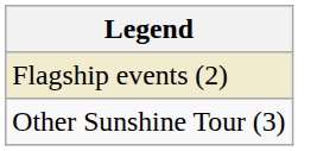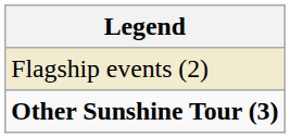 <table class="wikitable" style="font-size:95%;">
 <tr>
 <th>Legend</th>
 </tr>
 <tr style="background:#f2ecce;">
 <td>Flagship events (2)</td>
 </tr>
 <tr>
-<td>Other Sunshine Tour (3)</td>
+<td><strong>Other Sunshine Tour (3)</strong></td>
 </tr>
 </table>
